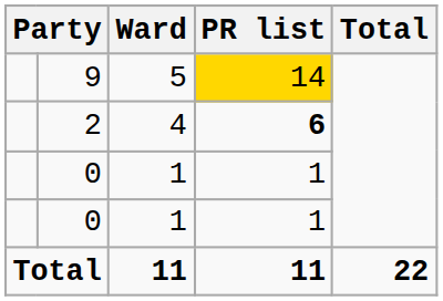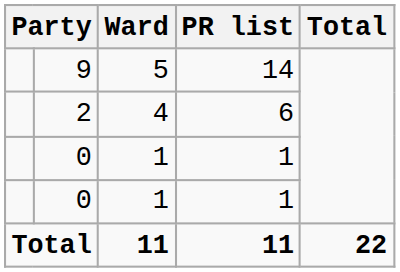 <table class=wikitable style="text-align:right">
 <tr>
 <th colspan=2>Party</th>
 <th>Ward</th>
 <th>PR list</th>
 <th>Total</th>
 </tr>
 <tr>
 <td></td>
 <td>9</td>
 <td>5</td>
-<td style="background: gold;">14</td>
+<td>14</td>
 </tr>
 <tr>
 <td></td>
 <td>2</td>
 <td>4</td>
-<td><strong>6</strong></td>
+<td>6</td>
 </tr>
 <tr>
 <td></td>
 <td>0</td>
 <td>1</td>
 <td>1</td>
 </tr>
 <tr>
 <td></td>
 <td>0</td>
 <td>1</td>
 <td>1</td>
 </tr>
 <tr>
 <td colspan="2" style="text-align:left"><strong>Total</strong></td>
 <td><strong>11</strong></td>
 <td><strong>11</strong></td>
 <td><strong>22</strong></td>
 </tr>
 </table>
